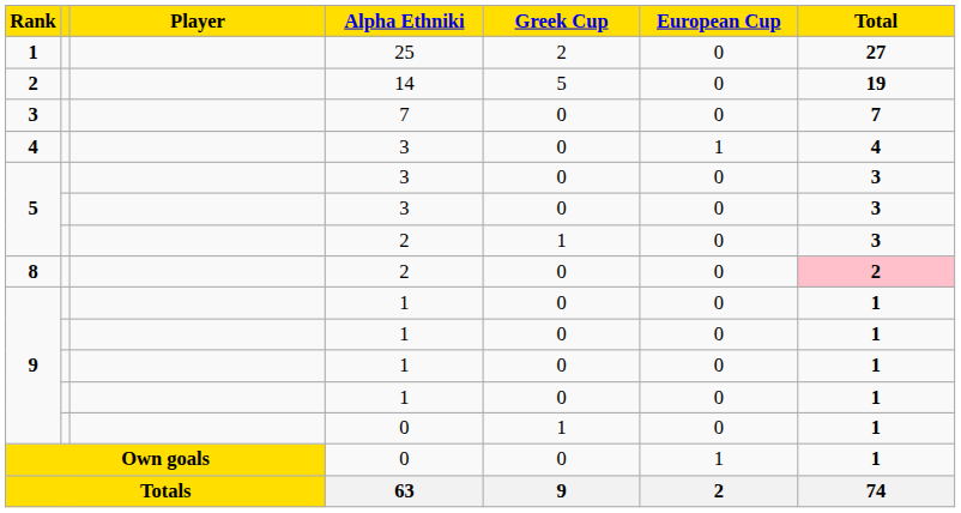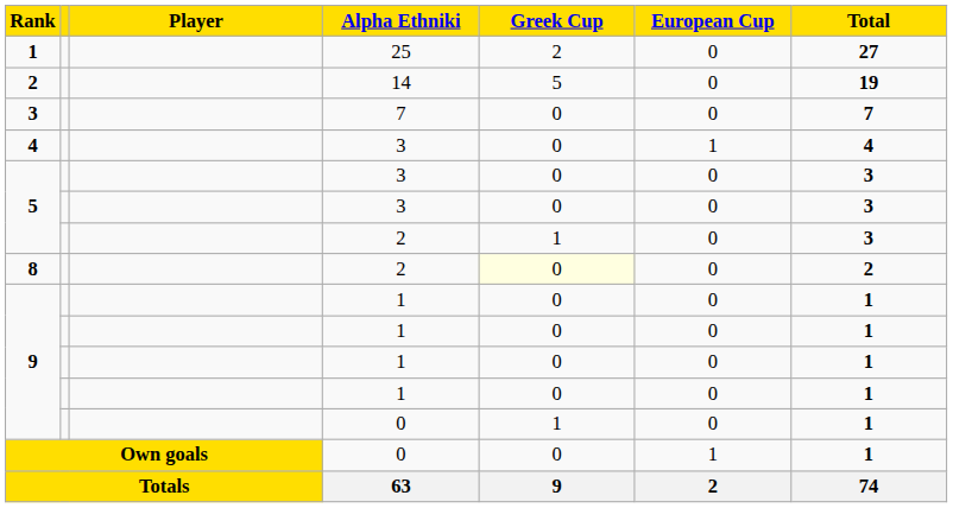 <table class="wikitable sortable" style="text-align: center">
 <tr>
 <th style="background:#FFDE00">Rank</th>
 <th style="background:#FFDE00"></th>
 <th width=200 style="background:#FFDE00">Player</th>
 <th width=120 style="background:#FFDE00"><a href='#'>Alpha Ethniki</a></th>
 <th width=120 style="background:#FFDE00"><a href='#'>Greek Cup</a></th>
 <th width=120 style="background:#FFDE00"><a href='#'>European Cup</a></th>
 <th width=120 style="background:#FFDE00">Total</th>
 </tr>
 <tr>
 <td><strong>1</strong></td>
 <td></td>
 <td align=left></td>
 <td>25</td>
 <td>2</td>
 <td>0</td>
 <td><strong>27</strong></td>
 </tr>
 <tr>
 <td><strong>2</strong></td>
 <td></td>
 <td align=left></td>
 <td>14</td>
 <td>5</td>
 <td>0</td>
 <td><strong>19</strong></td>
 </tr>
 <tr>
 <td><strong>3</strong></td>
 <td></td>
 <td align=left></td>
 <td>7</td>
 <td>0</td>
 <td>0</td>
 <td><strong>7</strong></td>
 </tr>
 <tr>
 <td><strong>4</strong></td>
 <td></td>
 <td align=left></td>
 <td>3</td>
 <td>0</td>
 <td>1</td>
 <td><strong>4</strong></td>
 </tr>
 <tr>
 <td rowspan=3><strong>5</strong></td>
 <td></td>
 <td align=left></td>
 <td>3</td>
 <td>0</td>
 <td>0</td>
 <td><strong>3</strong></td>
 </tr>
 <tr>
 <td></td>
 <td align=left></td>
 <td>3</td>
 <td>0</td>
 <td>0</td>
 <td><strong>3</strong></td>
 </tr>
 <tr>
 <td></td>
 <td align=left></td>
 <td>2</td>
 <td>1</td>
 <td>0</td>
 <td><strong>3</strong></td>
 </tr>
 <tr>
 <td><strong>8</strong></td>
 <td></td>
 <td align=left></td>
 <td>2</td>
+<td style="background: lightyellow;">0</td>
 <td>0</td>
-<td>0</td>
-<td style="background: pink;"><strong>2</strong></td>
+<td><strong>2</strong></td>
 </tr>
 <tr>
 <td rowspan=5><strong>9</strong></td>
 <td></td>
 <td align=left></td>
 <td>1</td>
 <td>0</td>
 <td>0</td>
 <td><strong>1</strong></td>
 </tr>
 <tr>
 <td></td>
 <td align=left></td>
 <td>1</td>
 <td>0</td>
 <td>0</td>
 <td><strong>1</strong></td>
 </tr>
 <tr>
 <td></td>
 <td align=left></td>
 <td>1</td>
 <td>0</td>
 <td>0</td>
 <td><strong>1</strong></td>
 </tr>
 <tr>
 <td></td>
 <td align=left></td>
 <td>1</td>
 <td>0</td>
 <td>0</td>
 <td><strong>1</strong></td>
 </tr>
 <tr>
 <td></td>
 <td align=left></td>
 <td>0</td>
 <td>1</td>
 <td>0</td>
 <td><strong>1</strong></td>
 </tr>
 <tr class="sortbottom">
 <td colspan=3 style="background:#FFDE00"><strong>Own goals</strong></td>
 <td>0</td>
 <td>0</td>
 <td>1</td>
 <td><strong>1</strong></td>
 </tr>
 <tr class="sortbottom">
 <th colspan=3 style="background:#FFDE00"><strong>Totals</strong></th>
 <th><strong>63</strong></th>
 <th><strong> 9</strong></th>
 <th><strong> 2</strong></th>
 <th><strong>74</strong></th>
 </tr>
 </table>
